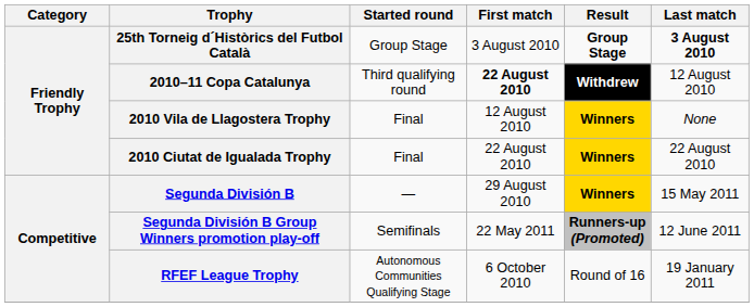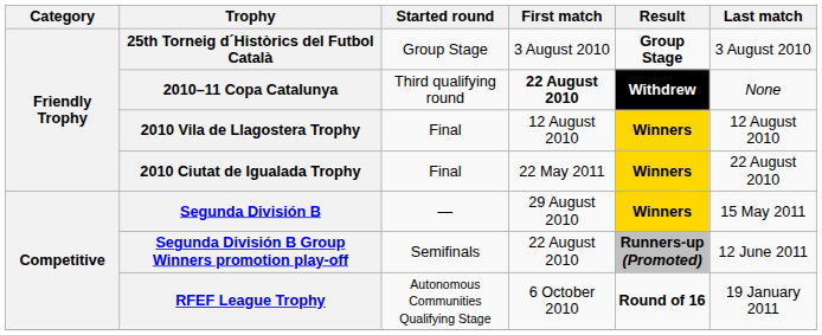 <table class="wikitable">
 <tr>
 <th>Category</th>
 <th>Trophy</th>
 <th width="129">Started round</th>
 <th>First match</th>
 <th>Result</th>
 <th>Last match</th>
 </tr>
 <tr>
 <th rowspan="4">Friendly Trophy</th>
 <th>25th Torneig d´Històrics del Futbol Català</th>
 <td align="center">Group Stage</td>
 <td align="center">3 August 2010</td>
 <td align="center"><strong>Group Stage</strong></td>
-<td align="center"><strong>3 August 2010</strong></td>
+<td align="center">3 August 2010</td>
 </tr>
 <tr>
 <th>2010–11 Copa Catalunya</th>
 <td align="center">Third qualifying round</td>
 <td align="center"><strong>22 August 2010</strong></td>
 <td align="center" bgcolor="black" style="color:white"><strong>Withdrew</strong></td>
-<td align="center">12 August 2010</td>
+<td align="center"><em>None</em></td>
 </tr>
 <tr>
 <th>2010 Vila de Llagostera Trophy</th>
 <td align="center">Final</td>
 <td align="center">12 August 2010</td>
 <td align="center" bgcolor="gold"><strong>Winners</strong></td>
-<td align="center"><em>None</em></td>
+<td align="center">12 August 2010</td>
 </tr>
 <tr>
 <th>2010 Ciutat de Igualada Trophy</th>
 <td align="center">Final</td>
-<td align="center">22 August 2010</td>
+<td align="center">22 May 2011</td>
 <td align="center" bgcolor="gold"><strong>Winners</strong></td>
 <td align="center">22 August 2010</td>
 </tr>
 <tr>
 <th rowspan="3">Competitive</th>
 <th><a href='#'>Segunda División B</a></th>
 <td align="center">—</td>
 <td align="center">29 August 2010</td>
 <td align="center" bgcolor="gold"><strong>Winners</strong></td>
 <td align="center">15 May 2011</td>
 </tr>
 <tr>
 <th><a href='#'>Segunda División B Group<br>Winners promotion play-off</a></th>
 <td align="center">Semifinals</td>
-<td align="center">22 May 2011</td>
+<td align="center">22 August 2010</td>
 <td align="center" bgcolor="silver"><strong>Runners-up</strong><br><strong><em>(Promoted)</em></strong></td>
 <td align="center">12 June 2011</td>
 </tr>
 <tr>
 <th><a href='#'>RFEF League Trophy</a></th>
 <td align="center"><small>Autonomous Communities Qualifying Stage</small></td>
 <td align="center">6 October 2010</td>
-<td align="center">Round of 16</td>
+<td align="center"><strong>Round of 16</strong></td>
 <td align="center">19 January 2011</td>
 </tr>
 <tr>
 </tr>
 </table>
